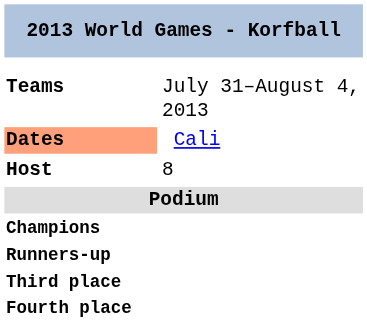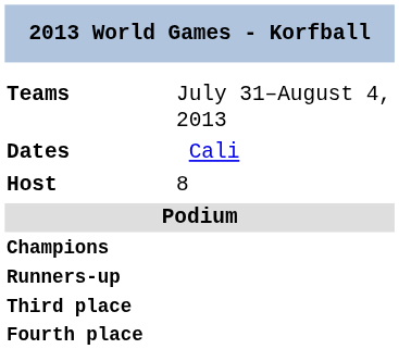 <table class="toccolours" style="float: right; margin: 0 0 1em 1em; font-size: 90%;" width=220px>
 <tr>
 <td colspan="2" style="background: #B0C4DE; text-align: center;" height=30px><strong>2013 World Games - Korfball</strong></td>
 </tr>
 <tr>
 <td colspan="2" style="text-align: center;"></td>
 </tr>
 <tr style="vertical-align:top;">
 <td colspan=2></td>
 </tr>
 <tr style="vertical-align:top;">
 <td width=90><strong>Teams</strong></td>
 <td>July 31–August 4, 2013</td>
 </tr>
 <tr style="vertical-align:top;">
-<td style="background: lightsalmon;"><strong>Dates</strong></td>
+<td><strong>Dates</strong></td>
 <td> <a href='#'>Cali</a></td>
 </tr>
 <tr style="vertical-align:top;">
 <td><strong>Host</strong></td>
 <td>8</td>
 </tr>
 <tr>
 <td colspan="2" style="background: #dedede; text-align: center;"><strong>Podium</strong></td>
 </tr>
 <tr style="vertical-align:top;">
 <td style=font-size:90% width=90> <strong>Champions</strong></td>
 <td></td>
 </tr>
 <tr>
 <td style=font-size:90% width=90> <strong>Runners-up</strong></td>
 <td></td>
 </tr>
 <tr>
 <td style=font-size:90% width=90> <strong>Third place</strong></td>
 <td></td>
 </tr>
 <tr>
 <td style=font-size:90% width=90><strong>Fourth place</strong></td>
 <td></td>
 </tr>
 </table>
